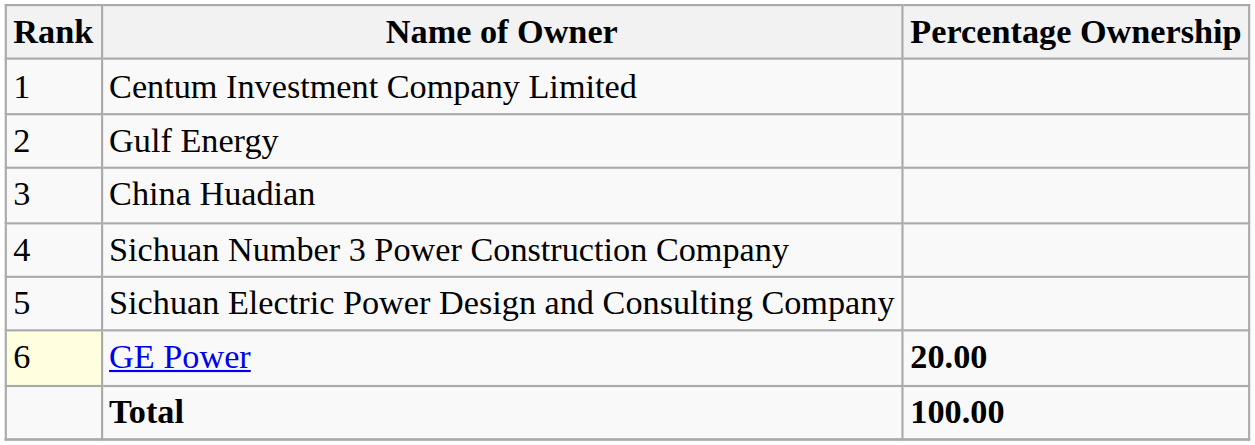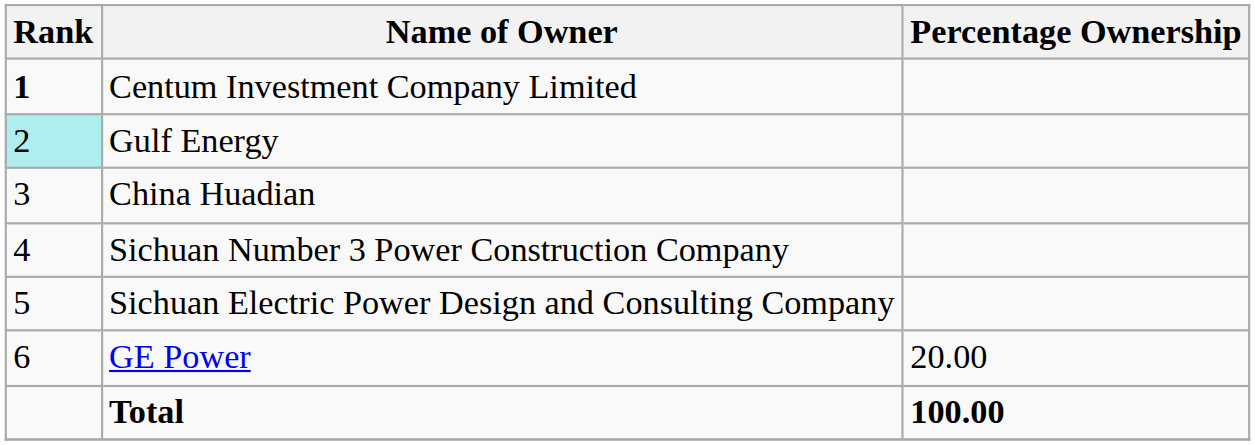 <table class="wikitable sortable" style="margin-left:auto;margin-right:auto">
 <tr>
 <th style="width:2em;">Rank</th>
 <th>Name of Owner</th>
 <th>Percentage Ownership</th>
 </tr>
 <tr>
-<td>1</td>
+<td><strong>1</strong></td>
 <td>Centum Investment Company Limited</td>
 <td></td>
 </tr>
 <tr>
-<td>2</td>
+<td style="background: paleturquoise;">2</td>
 <td>Gulf Energy</td>
 <td></td>
 </tr>
 <tr>
 <td>3</td>
 <td>China Huadian</td>
 <td></td>
 </tr>
 <tr>
 <td>4</td>
 <td>Sichuan Number 3 Power Construction Company</td>
 <td></td>
 </tr>
 <tr>
 <td>5</td>
 <td>Sichuan Electric Power Design and Consulting Company</td>
 <td></td>
 </tr>
 <tr>
-<td style="background: lightyellow;">6</td>
+<td>6</td>
 <td><a href='#'>GE Power</a></td>
-<td><strong>20.00</strong></td>
+<td>20.00</td>
 </tr>
 <tr>
 <td></td>
 <td><strong>Total</strong></td>
 <td><strong>100.00</strong></td>
 </tr>
 <tr>
 </tr>
 </table>
